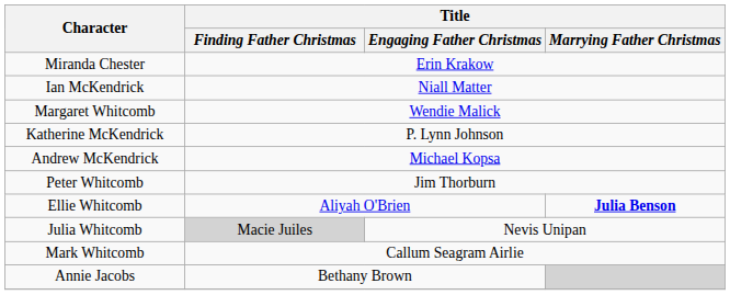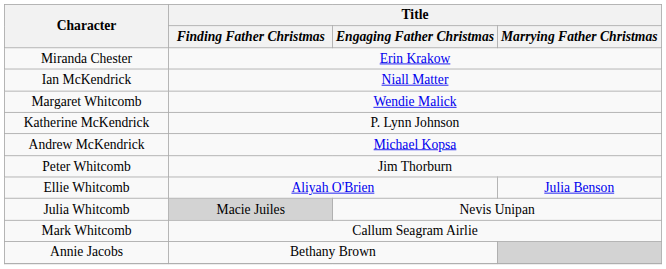 <table class="wikitable" style="text-align:center;">
 <tr>
 <th rowspan="2" style="width:25%;">Character</th>
 <th colspan=3>Title</th>
 </tr>
 <tr>
 <th style="width:25%;"><em>Finding Father Christmas</em></th>
 <th style="width:25%;"><em>Engaging Father Christmas</em></th>
 <th style="width:25%;"><em>Marrying Father Christmas</em></th>
 </tr>
 <tr>
 <td>Miranda Chester</td>
 <td colspan="3"><a href='#'>Erin Krakow</a></td>
 </tr>
 <tr>
 <td>Ian McKendrick</td>
 <td colspan="3"><a href='#'>Niall Matter</a></td>
 </tr>
 <tr>
 <td>Margaret Whitcomb</td>
 <td colspan="3"><a href='#'>Wendie Malick</a></td>
 </tr>
 <tr>
 <td>Katherine McKendrick</td>
 <td colspan="3">P. Lynn Johnson</td>
 </tr>
 <tr>
 <td>Andrew McKendrick</td>
 <td colspan="3"><a href='#'>Michael Kopsa</a></td>
 </tr>
 <tr>
 <td>Peter Whitcomb</td>
 <td colspan="3">Jim Thorburn</td>
 </tr>
 <tr>
 <td>Ellie Whitcomb</td>
 <td colspan="2"><a href='#'>Aliyah O'Brien</a></td>
-<td colspan-"1"><strong><a href='#'>Julia Benson</a></strong></td>
+<td colspan-"1"><a href='#'>Julia Benson</a></td>
 </tr>
 <tr>
 <td>Julia Whitcomb</td>
 <td colspan="1" style="background: lightgrey;">Macie Juiles</td>
 <td colspan="2">Nevis Unipan</td>
 </tr>
 <tr>
 <td>Mark Whitcomb</td>
 <td colspan="3">Callum Seagram Airlie</td>
 </tr>
 <tr>
 <td>Annie Jacobs</td>
 <td colspan="2">Bethany Brown</td>
 <td style="background:#d3d3d3;" colspan=1></td>
 </tr>
 <tr>
 </tr>
 </table>
